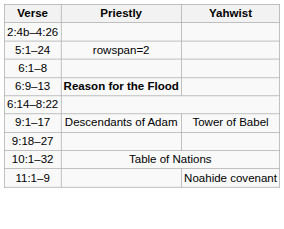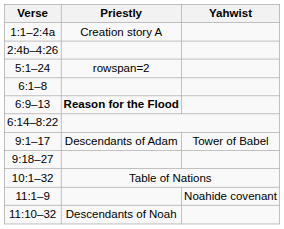 <table class="wikitable" style="text-align:center">
 <tr>
 <th>Verse</th>
 <th>Priestly</th>
 <th>Yahwist</th>
+</tr>
+<tr>
+<td>1:1–2:4a</td>
+<td>Creation story A</td>
+<td></td>
 </tr>
 <tr>
 <td>2:4b–4:26</td>
 <td></td>
 <td></td>
 </tr>
 <tr>
 <td>5:1–24</td>
 <td>rowspan=2  </td>
 <td></td>
 </tr>
 <tr>
 <td>6:1–8</td>
 <td></td>
 <td></td>
 </tr>
 <tr>
 <td>6:9–13</td>
 <td><strong>Reason for the Flood</strong></td>
 <td></td>
 </tr>
 <tr>
 <td>6:14–8:22</td>
 <td colspan=2></td>
 </tr>
 <tr>
 <td>9:1–17</td>
 <td>Descendants of Adam</td>
 <td>Tower of Babel</td>
 </tr>
 <tr>
 <td>9:18–27</td>
 <td></td>
 </tr>
 <tr>
 <td>10:1–32</td>
 <td colspan=2>Table of Nations</td>
 </tr>
 <tr>
 <td>11:1–9</td>
 <td></td>
 <td>Noahide covenant</td>
 </tr>
+<tr>
+<td>11:10–32</td>
+<td>Descendants of Noah</td>
+<td></td>
+</tr>
 </table>
